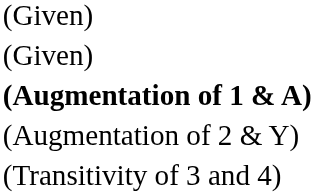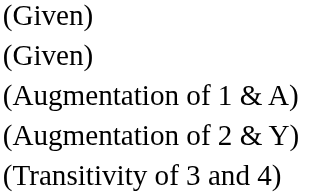 <table>
 <tr>
 <td></td>
 <td>(Given)</td>
 </tr>
 <tr>
 <td></td>
 <td>(Given)</td>
 </tr>
 <tr>
 <td></td>
-<td><strong>(Augmentation of 1 & A)</strong></td>
+<td>(Augmentation of 1 & A)</td>
 </tr>
 <tr>
 <td></td>
 <td>(Augmentation of 2 & Y)</td>
 </tr>
 <tr>
 <td></td>
 <td>(Transitivity of 3 and 4)</td>
 </tr>
 </table>
